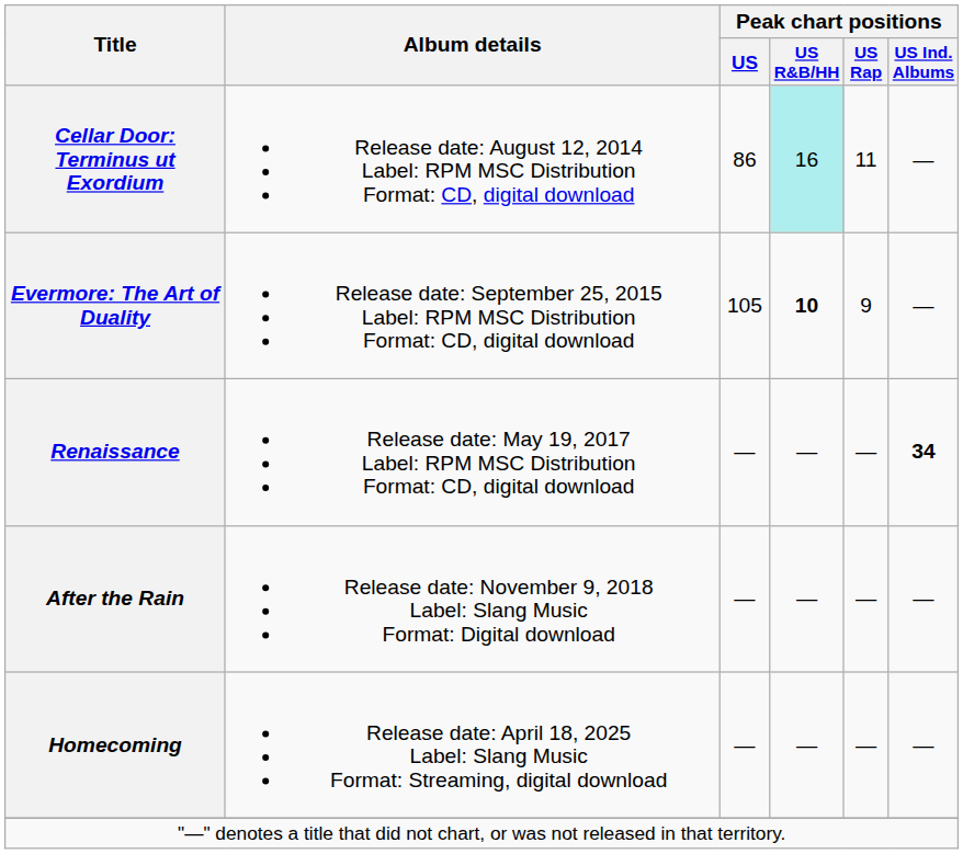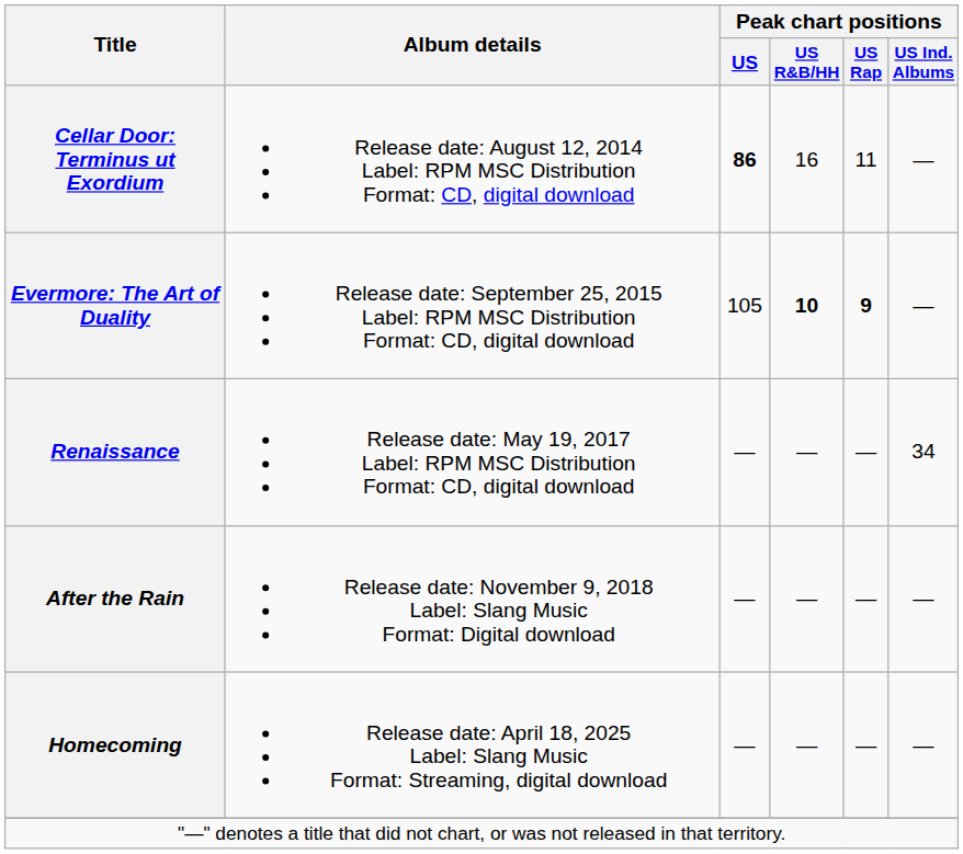 <table class="wikitable plainrowheaders" style="text-align:center;">
 <tr>
 <th scope="col" rowspan="2" style="width:10em;">Title</th>
 <th scope="col" rowspan="2" style="width:23em;">Album details</th>
 <th scope="col" colspan="4">Peak chart positions</th>
 </tr>
 <tr>
 <th scope="col" style="width:2.2em;font-size:90%;"><a href='#'>US</a></th>
 <th scope="col" style="width:2.2em;font-size:80%;"><a href='#'>US R&B/HH</a></th>
 <th scope="col" style="width:2.2em;font-size:80%;"><a href='#'>US Rap</a></th>
 <th scope="col" style="width:2.2em;font-size:80%;"><a href='#'>US Ind. Albums</a></th>
 </tr>
 <tr>
 <th scope="row"><em><a href='#'>Cellar Door: Terminus ut Exordium</a></em></th>
 <td><br><ul><li>Release date: August 12, 2014</li><li>Label: RPM MSC Distribution</li><li>Format: <a href='#'>CD</a>, <a href='#'>digital download</a></li></ul></td>
-<td>86</td>
-<td style="background: paleturquoise;">16</td>
+<td><strong>86</strong></td>
+<td>16</td>
 <td>11</td>
 <td>—</td>
 </tr>
 <tr>
 <th scope="row"><em><a href='#'>Evermore: The Art of Duality</a></em></th>
 <td><br><ul><li>Release date: September 25, 2015</li><li>Label: RPM MSC Distribution</li><li>Format: CD, digital download</li></ul></td>
 <td>105</td>
 <td><strong>10</strong></td>
-<td>9</td>
+<td><strong>9</strong></td>
 <td>—</td>
 </tr>
 <tr>
 <th scope="row"><em><a href='#'>Renaissance</a></em></th>
 <td><br><ul><li>Release date: May 19, 2017</li><li>Label: RPM MSC Distribution</li><li>Format: CD, digital download</li></ul></td>
 <td>—</td>
 <td>—</td>
 <td>—</td>
-<td><strong>34</strong></td>
+<td>34</td>
 </tr>
 <tr>
 <th scope="row"><em>After the Rain</em></th>
 <td><br><ul><li>Release date: November 9, 2018</li><li>Label: Slang Music</li><li>Format: Digital download</li></ul></td>
 <td>—</td>
 <td>—</td>
 <td>—</td>
 <td>—</td>
 </tr>
 <tr>
 <th scope="row"><em>Homecoming</em></th>
 <td><br><ul><li>Release date: April 18, 2025</li><li>Label: Slang Music</li><li>Format: Streaming, digital download</li></ul></td>
 <td>—</td>
 <td>—</td>
 <td>—</td>
 <td>—</td>
 </tr>
 <tr>
 </tr>
 <tr>
 <td colspan="14" style="font-size:90%">"—" denotes a title that did not chart, or was not released in that territory.</td>
 </tr>
 </table>
